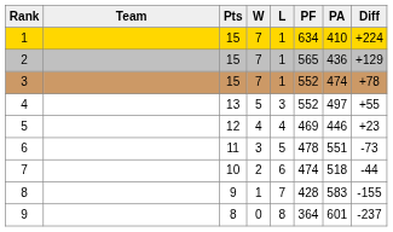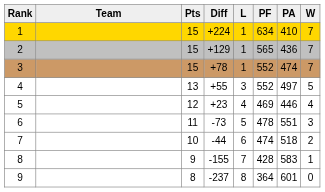 <table style=border-collapse:collapse border=1 cellspacing=0 cellpadding=5>
 <tr align=center bgcolor=#efefef>
 <th width=20>Rank</th>
 <th width=220>Team</th>
 <th width=20>Pts</th>
-<th width=20>W</th>
+<th width=20>Diff</th>
 <th width=20>L</th>
 <th width=20>PF</th>
 <th width=20>PA</th>
-<th width=20>Diff</th>
+<th width=20>W</th>
 </tr>
 <tr align=center bgcolor=gold>
 <td>1</td>
 <td align=left></td>
 <td>15</td>
-<td>7</td>
+<td>+224</td>
 <td>1</td>
 <td>634</td>
 <td>410</td>
-<td>+224</td>
+<td>7</td>
 </tr>
 <tr align=center bgcolor=silver>
 <td>2</td>
 <td align=left></td>
 <td>15</td>
-<td>7</td>
+<td>+129</td>
 <td>1</td>
 <td>565</td>
 <td>436</td>
-<td>+129</td>
+<td>7</td>
 </tr>
 <tr align=center bgcolor=cc9966>
 <td>3</td>
 <td align=left></td>
 <td>15</td>
-<td>7</td>
+<td>+78</td>
 <td>1</td>
 <td>552</td>
 <td>474</td>
-<td>+78</td>
+<td>7</td>
 </tr>
 <tr align=center>
 <td>4</td>
 <td align=left></td>
 <td>13</td>
-<td>5</td>
+<td>+55</td>
 <td>3</td>
 <td>552</td>
 <td>497</td>
-<td>+55</td>
+<td>5</td>
 </tr>
 <tr align=center>
 <td>5</td>
 <td align=left></td>
 <td>12</td>
-<td>4</td>
+<td>+23</td>
 <td>4</td>
 <td>469</td>
 <td>446</td>
-<td>+23</td>
+<td>4</td>
 </tr>
 <tr align=center>
 <td>6</td>
 <td align=left></td>
 <td>11</td>
-<td>3</td>
+<td>-73</td>
 <td>5</td>
 <td>478</td>
 <td>551</td>
-<td>-73</td>
+<td>3</td>
 </tr>
 <tr align=center>
 <td>7</td>
 <td align=left></td>
 <td>10</td>
-<td>2</td>
+<td>-44</td>
 <td>6</td>
 <td>474</td>
 <td>518</td>
-<td>-44</td>
+<td>2</td>
 </tr>
 <tr align=center>
 <td>8</td>
 <td align=left></td>
 <td>9</td>
-<td>1</td>
+<td>-155</td>
 <td>7</td>
 <td>428</td>
 <td>583</td>
-<td>-155</td>
+<td>1</td>
 </tr>
 <tr align=center>
 <td>9</td>
 <td align=left></td>
 <td>8</td>
-<td>0</td>
+<td>-237</td>
 <td>8</td>
 <td>364</td>
 <td>601</td>
-<td>-237</td>
+<td>0</td>
 </tr>
 </table>
